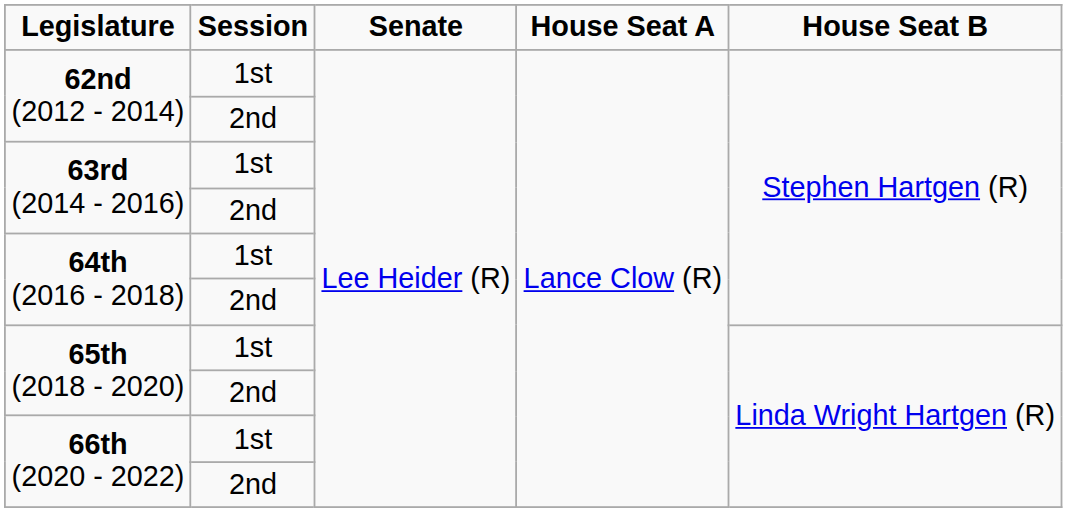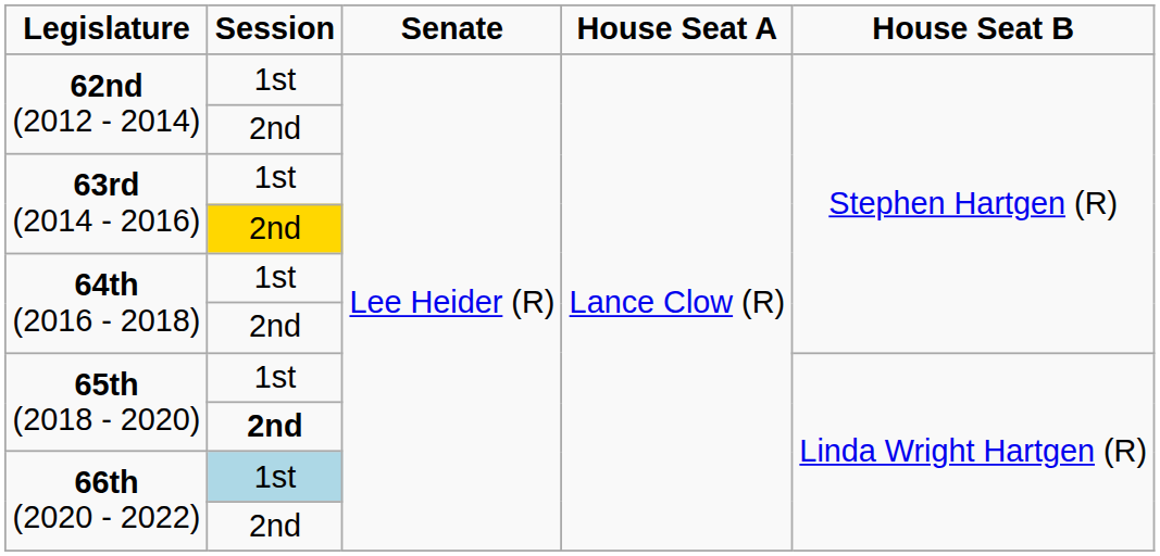 <table class=wikitable style="text-align:center">
 <tr>
 <td><strong>Legislature</strong></td>
 <td><strong>Session</strong></td>
 <td><strong>Senate</strong></td>
 <td><strong>House Seat A</strong></td>
 <td><strong>House Seat B</strong></td>
 </tr>
 <tr>
 <td rowspan="2" colspan="1" style="text-align: center;"><strong>62nd</strong> <br> (2012 - 2014)</td>
 <td>1st</td>
 <td rowspan="10" colspan="1" style="text-align: center;" ><a href='#'>Lee Heider</a> (R)</td>
 <td rowspan="10" colspan="1" style="text-align: center;" ><a href='#'>Lance Clow</a> (R)</td>
 <td rowspan="6" colspan="1" style="text-align: center;" ><a href='#'>Stephen Hartgen</a> (R)</td>
 </tr>
 <tr>
 <td>2nd</td>
 </tr>
 <tr>
 <td rowspan="2" colspan="1" style="text-align: center;"><strong>63rd</strong> <br> (2014 - 2016)</td>
 <td>1st</td>
 </tr>
 <tr>
-<td>2nd</td>
+<td style="background: gold;">2nd</td>
 </tr>
 <tr>
 <td rowspan="2" colspan="1" style="text-align: center;"><strong>64th</strong> <br> (2016 - 2018)</td>
 <td>1st</td>
 </tr>
 <tr>
 <td>2nd</td>
 </tr>
 <tr>
 <td rowspan="2" colspan="1" style="text-align: center;"><strong>65th</strong> <br> (2018 - 2020)</td>
 <td>1st</td>
 <td rowspan="4" colspan="1" style="text-align: center;" ><a href='#'>Linda Wright Hartgen</a> (R)</td>
 </tr>
 <tr>
-<td>2nd</td>
+<td><strong>2nd</strong></td>
 </tr>
 <tr>
 <td rowspan="2" colspan="1" style="text-align: center;"><strong>66th</strong> <br> (2020 - 2022)</td>
-<td>1st</td>
+<td style="background: lightblue;">1st</td>
 </tr>
 <tr>
 <td>2nd</td>
 </tr>
 </table>
